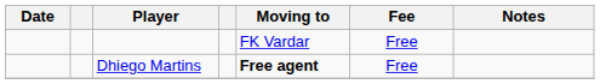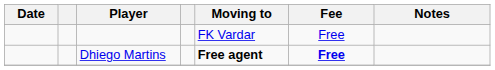 <table class="wikitable sortable">
 <tr>
 <th style="width:80px;">Date</th>
 <th style="width:30px;"></th>
 <th style="width:180px;">Player</th>
 <th style="width:20px;"></th>
 <th style="width:155px;">Moving to</th>
 <th style="width:155px;" class="unsortable">Fee</th>
 <th style="width:215px;" class="unsortable">Notes</th>
 </tr>
 <tr>
 <td></td>
 <td align=center></td>
 <td> </td>
 <td></td>
 <td> <a href='#'>FK Vardar</a></td>
 <td align=center><a href='#'>Free</a></td>
 <td align=center></td>
 </tr>
 <tr>
 <td></td>
 <td align=center></td>
 <td> <a href='#'>Dhiego Martins</a></td>
 <td></td>
 <td><strong>Free agent</strong></td>
-<td align=center><a href='#'>Free</a></td>
+<td align=center><strong><a href='#'>Free</a></strong></td>
 <td align=center></td>
 </tr>
 <tr>
 </tr>
 </table>
